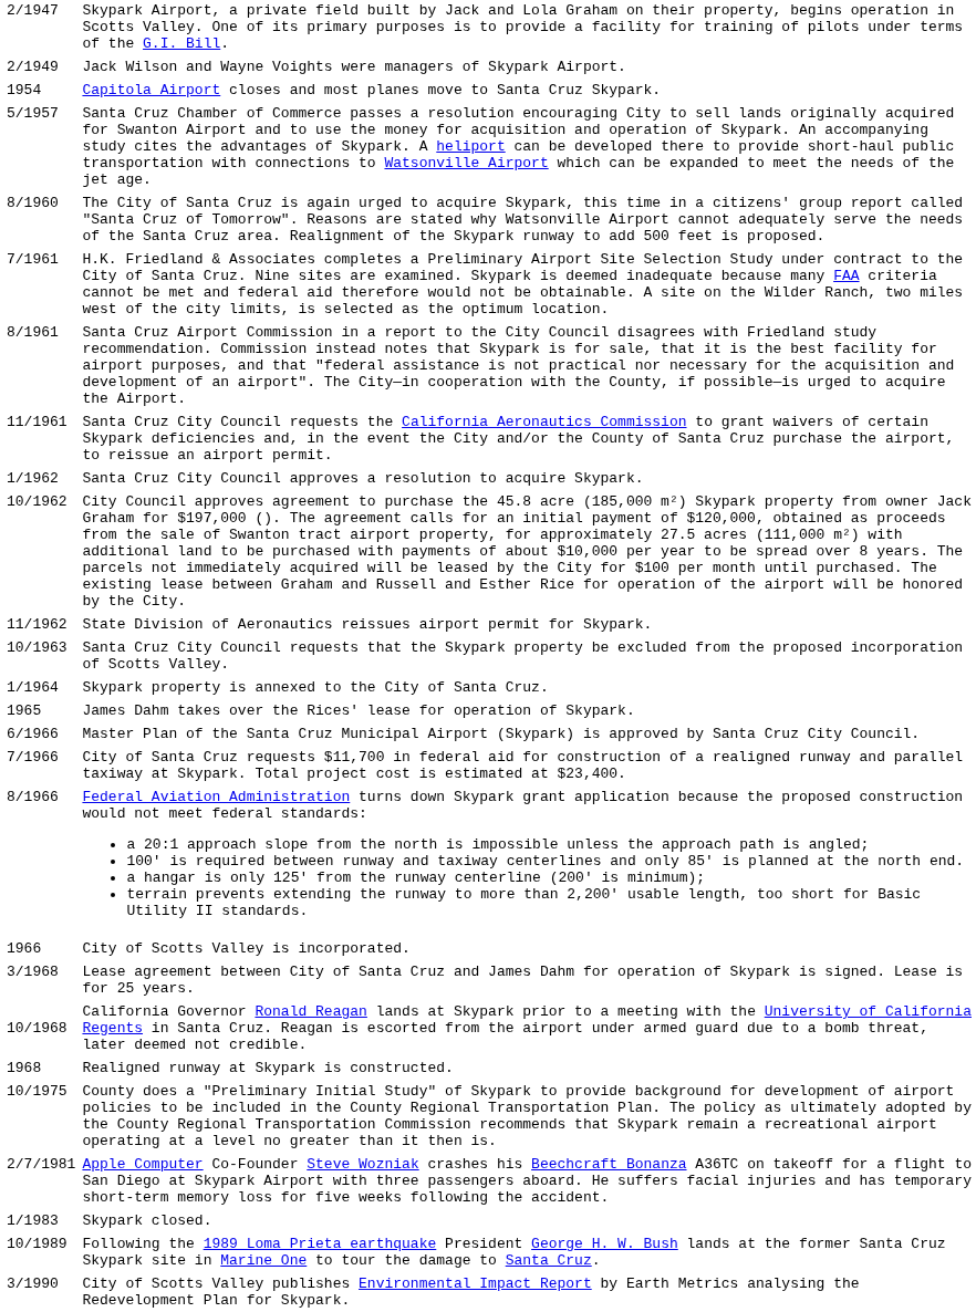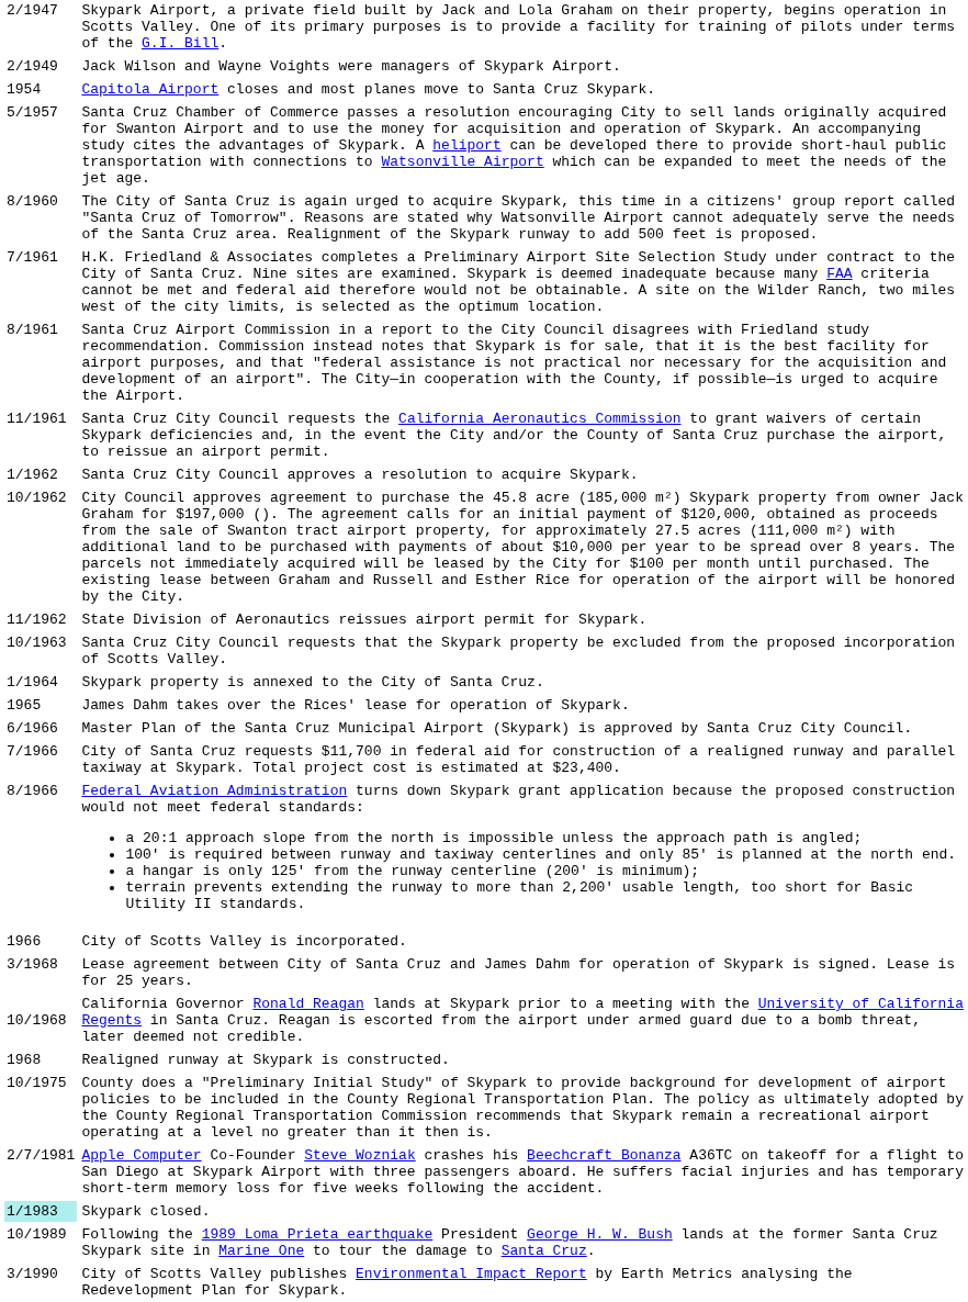 <table border="0" cellpadding="2">
 <tr>
 <td valign="top">2/1947</td>
 <td>Skypark Airport, a private field built by Jack and Lola Graham on their property, begins operation in Scotts Valley. One of its primary purposes is to provide a facility for training of pilots under terms of the <a href='#'>G.I. Bill</a>.</td>
 </tr>
 <tr>
 <td>2/1949</td>
 <td>Jack Wilson and Wayne Voights were managers of Skypark Airport.</td>
 </tr>
 <tr>
 <td>1954</td>
 <td><a href='#'>Capitola Airport</a> closes and most planes move to Santa Cruz Skypark.</td>
 </tr>
 <tr>
 <td valign="top">5/1957</td>
 <td>Santa Cruz Chamber of Commerce passes a resolution encouraging City to sell lands originally acquired for Swanton Airport and to use the money for acquisition and operation of Skypark. An accompanying study cites the advantages of Skypark. A <a href='#'>heliport</a> can be developed there to provide short-haul public transportation with connections to <a href='#'>Watsonville Airport</a> which can be expanded to meet the needs of the jet age.</td>
 </tr>
 <tr>
 <td valign="top">8/1960</td>
 <td>The City of Santa Cruz is again urged to acquire Skypark, this time in a citizens' group report called "Santa Cruz of Tomorrow". Reasons are stated why Watsonville Airport cannot adequately serve the needs of the Santa Cruz area. Realignment of the Skypark runway to add 500 feet is proposed.</td>
 </tr>
 <tr>
 <td valign="top">7/1961</td>
 <td>H.K. Friedland & Associates completes a Preliminary Airport Site Selection Study under contract to the City of Santa Cruz. Nine sites are examined. Skypark is deemed inadequate because many <a href='#'>FAA</a> criteria cannot be met and federal aid therefore would not be obtainable. A site on the Wilder Ranch, two miles west of the city limits, is selected as the optimum location.</td>
 </tr>
 <tr>
 <td valign="top">8/1961</td>
 <td>Santa Cruz Airport Commission in a report to the City Council disagrees with Friedland study recommendation. Commission instead notes that Skypark is for sale, that it is the best facility for airport purposes, and that "federal assistance is not practical nor necessary for the acquisition and development of an airport". The City—in cooperation with the County, if possible—is urged to acquire the Airport.</td>
 </tr>
 <tr>
 <td valign="top">11/1961</td>
 <td>Santa Cruz City Council requests the <a href='#'>California Aeronautics Commission</a> to grant waivers of certain Skypark deficiencies and, in the event the City and/or the County of Santa Cruz purchase the airport, to reissue an airport permit.</td>
 </tr>
 <tr>
 <td valign="top">1/1962</td>
 <td>Santa Cruz City Council approves a resolution to acquire Skypark.</td>
 </tr>
 <tr>
 <td valign="top">10/1962</td>
 <td>City Council approves agreement to purchase the 45.8 acre (185,000 m²) Skypark property from owner Jack Graham for $197,000 (). The agreement calls for an initial payment of $120,000, obtained as proceeds from the sale of Swanton tract airport property, for approximately 27.5 acres (111,000 m²) with additional land to be purchased with payments of about $10,000 per year to be spread over 8 years. The parcels not immediately acquired will be leased by the City for $100 per month until purchased. The existing lease between Graham and Russell and Esther Rice for operation of the airport will be honored by the City.</td>
 </tr>
 <tr>
 <td valign="top">11/1962</td>
 <td>State Division of Aeronautics reissues airport permit for Skypark.</td>
 </tr>
 <tr>
 <td valign="top">10/1963</td>
 <td>Santa Cruz City Council requests that the Skypark property be excluded from the proposed incorporation of Scotts Valley.</td>
 </tr>
 <tr>
 <td valign="top">1/1964</td>
 <td>Skypark property is annexed to the City of Santa Cruz.</td>
 </tr>
 <tr>
 <td valign="top">1965</td>
 <td>James Dahm takes over the Rices' lease for operation of Skypark.</td>
 </tr>
 <tr>
 <td valign="top">6/1966</td>
 <td>Master Plan of the Santa Cruz Municipal Airport (Skypark) is approved by Santa Cruz City Council.</td>
 </tr>
 <tr>
 <td valign="top">7/1966</td>
 <td>City of Santa Cruz requests $11,700 in federal aid for construction of a realigned runway and parallel taxiway at Skypark. Total project cost is estimated at $23,400.</td>
 </tr>
 <tr>
 <td valign="top">8/1966</td>
 <td><a href='#'>Federal Aviation Administration</a> turns down Skypark grant application because the proposed construction would not meet federal standards:<br><ul><li>a 20:1 approach slope from the north is impossible unless the approach path is angled;</li><li>100' is required between runway and taxiway centerlines and only 85' is planned at the north end.</li><li>a hangar is only 125' from the runway centerline (200' is minimum);</li><li>terrain prevents extending the runway to more than 2,200' usable length, too short for Basic Utility II standards.</li></ul></td>
 </tr>
 <tr>
 <td valign="top">1966</td>
 <td>City of Scotts Valley is incorporated.</td>
 </tr>
 <tr>
 <td valign="top">3/1968</td>
 <td>Lease agreement between City of Santa Cruz and James Dahm for operation of Skypark is signed. Lease is for 25 years.</td>
 </tr>
 <tr>
 <td>10/1968</td>
 <td>California Governor <a href='#'>Ronald Reagan</a> lands at Skypark prior to a meeting with the <a href='#'>University of California</a> <a href='#'>Regents</a> in Santa Cruz. Reagan is escorted from the airport under armed guard due to a bomb threat, later deemed not credible.</td>
 </tr>
 <tr>
 <td valign="top">1968</td>
 <td>Realigned runway at Skypark is constructed.</td>
 </tr>
 <tr>
 <td valign="top">10/1975</td>
 <td>County does a "Preliminary Initial Study" of Skypark to provide background for development of airport policies to be included in the County Regional Transportation Plan. The policy as ultimately adopted by the County Regional Transportation Commission recommends that Skypark remain a recreational airport operating at a level no greater than it then is.</td>
 </tr>
 <tr>
 <td valign="top">2/7/1981</td>
 <td><a href='#'>Apple Computer</a> Co-Founder <a href='#'>Steve Wozniak</a> crashes his <a href='#'>Beechcraft Bonanza</a> A36TC on takeoff for a flight to San Diego at Skypark Airport with three passengers aboard. He suffers facial injuries and has temporary short-term memory loss for five weeks following the accident.</td>
 </tr>
 <tr>
-<td valign="top">1/1983</td>
+<td valign="top" style="background: paleturquoise;">1/1983</td>
 <td>Skypark closed.</td>
 </tr>
 <tr>
 <td valign="top">10/1989</td>
 <td>Following the <a href='#'>1989 Loma Prieta earthquake</a> President <a href='#'>George H. W. Bush</a> lands at the former Santa Cruz Skypark site in <a href='#'>Marine One</a> to tour the damage to <a href='#'>Santa Cruz</a>.</td>
 </tr>
 <tr>
 <td valign="top">3/1990</td>
 <td>City of Scotts Valley publishes <a href='#'>Environmental Impact Report</a> by Earth Metrics analysing the Redevelopment Plan for Skypark.</td>
 </tr>
 </table>
